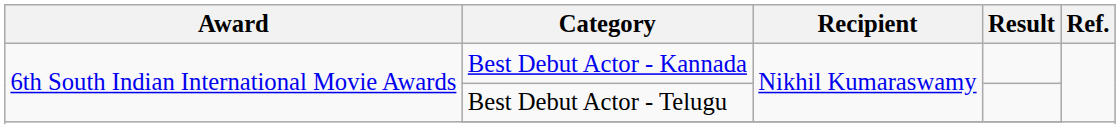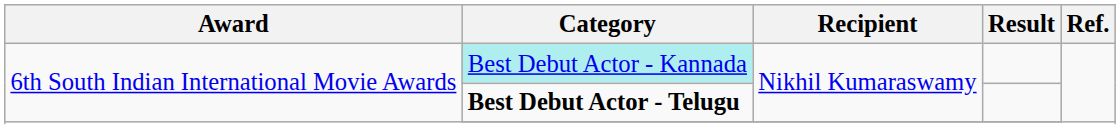 <table class=wikitable>
 <tr>
 <th>Award</th>
 <th>Category</th>
 <th>Recipient</th>
 <th>Result</th>
 <th>Ref.</th>
 </tr>
 <tr>
 <td rowspan=10><a href='#'>6th South Indian International Movie Awards</a></td>
-<td><a href='#'>Best Debut Actor - Kannada</a></td>
+<td style="background: paleturquoise;"><a href='#'>Best Debut Actor - Kannada</a></td>
 <td rowspan=2><a href='#'>Nikhil Kumaraswamy</a></td>
 <td></td>
 <td rowspan=10><br></td>
 </tr>
 <tr>
-<td>Best Debut Actor - Telugu</td>
+<td><strong>Best Debut Actor - Telugu</strong></td>
 <td></td>
 </tr>
 <tr>
 </tr>
 </table>
